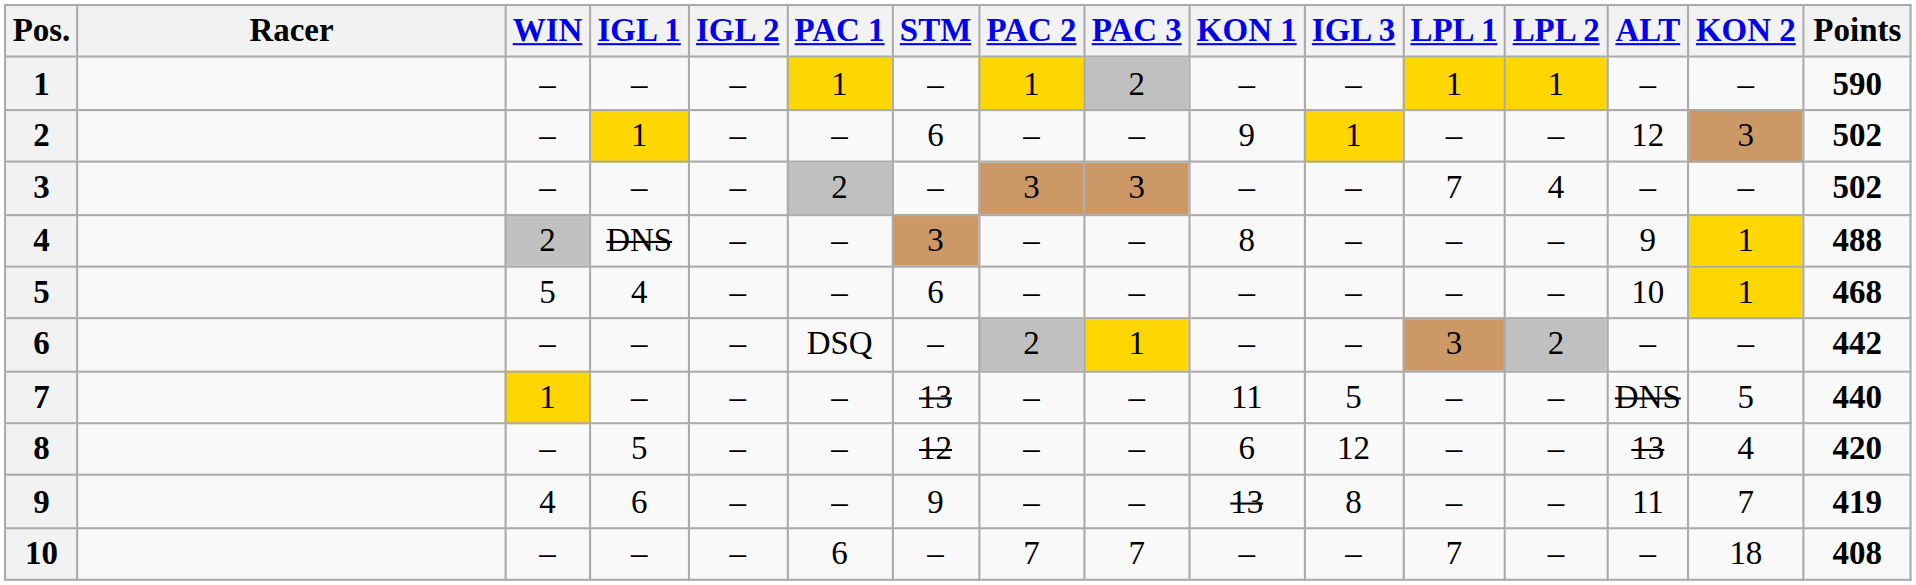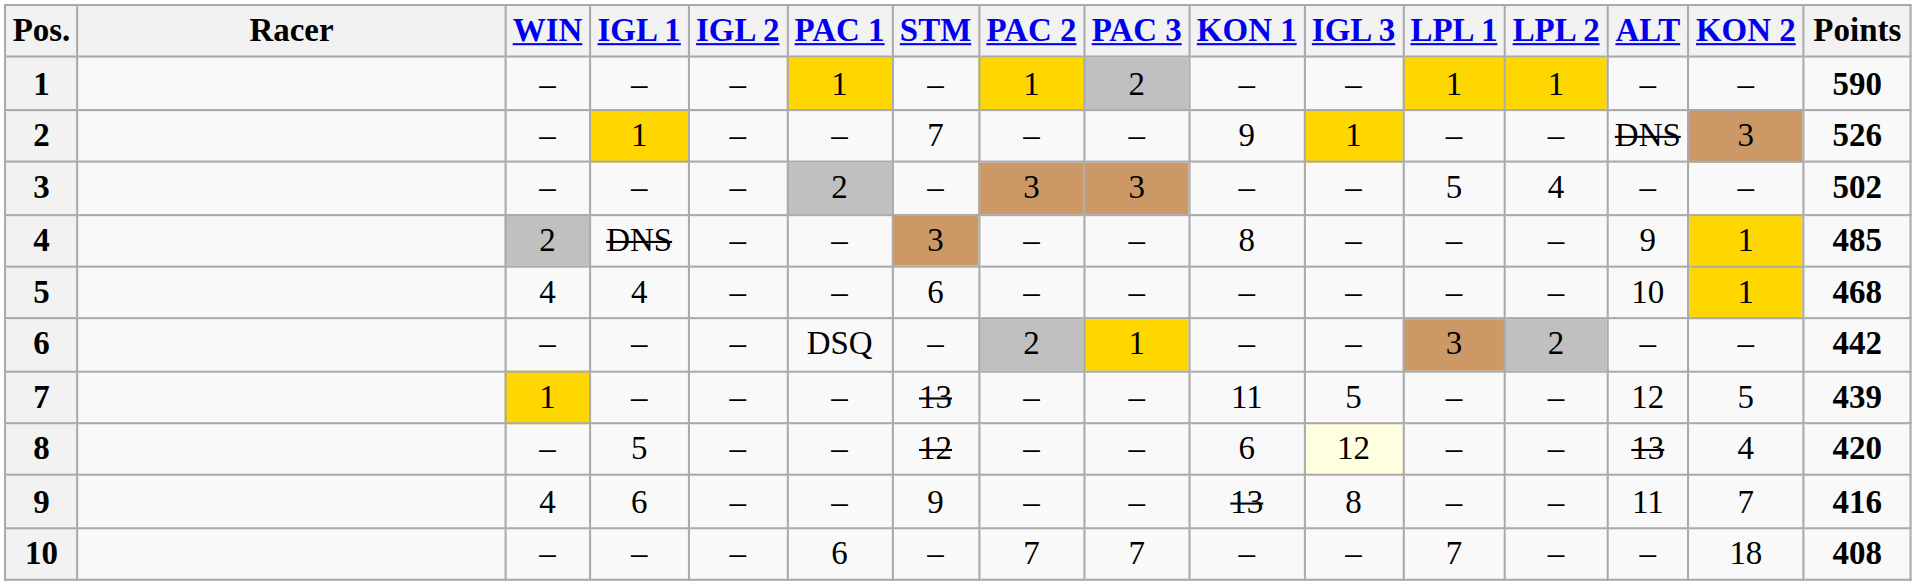 <table class="wikitable sortable plainrowheaders" style="text-align:center;">
 <tr>
 <th scope="col">Pos.</th>
 <th scope="col" style="width:200px;">Racer</th>
 <th scope="col"><strong> <a href='#'>WIN</a></strong></th>
 <th scope="col"><strong> <a href='#'>IGL 1</a></strong></th>
 <th scope="col"><strong> <a href='#'>IGL 2</a></strong></th>
 <th scope="col"><strong> <a href='#'>PAC 1</a></strong></th>
 <th scope="col"><strong> <a href='#'>STM</a></strong></th>
 <th scope="col"><strong> <a href='#'>PAC 2</a></strong></th>
 <th scope="col"><strong> <a href='#'>PAC 3</a></strong></th>
 <th scope="col"><strong> <a href='#'>KON 1</a></strong></th>
 <th scope="col"><strong> <a href='#'>IGL 3</a></strong></th>
 <th scope="col"><strong> <a href='#'>LPL 1</a></strong></th>
 <th scope="col"><strong> <a href='#'>LPL 2</a></strong></th>
 <th scope="col"><strong> <a href='#'>ALT</a></strong></th>
 <th scope="col"><strong> <a href='#'>KON 2</a></strong></th>
 <th style="width:45px;">Points</th>
 </tr>
 <tr>
 <th style="text-align:center;">1</th>
 <td align="left"></td>
 <td>–</td>
 <td>–</td>
 <td>–</td>
 <td style="background:gold;">1</td>
 <td>–</td>
 <td style="background:gold;">1</td>
 <td style="background:silver;">2</td>
 <td>–</td>
 <td>–</td>
 <td style="background:gold;">1</td>
 <td style="background:gold;">1</td>
 <td>–</td>
 <td>–</td>
 <td><strong>590</strong></td>
 </tr>
 <tr>
 <th style="text-align:center;">2</th>
 <td align="left"></td>
 <td>–</td>
 <td style="background:gold;">1</td>
 <td>–</td>
 <td>–</td>
-<td>6</td>
+<td>7</td>
 <td>–</td>
 <td>–</td>
 <td>9</td>
 <td style="background:gold;">1</td>
 <td>–</td>
 <td>–</td>
-<td>12</td>
+<td><s>DNS</s></td>
 <td style="background:#c96;">3</td>
-<td><strong>502</strong></td>
+<td><strong>526</strong></td>
 </tr>
 <tr>
 <th style="text-align:center;">3</th>
 <td align="left"></td>
 <td>–</td>
 <td>–</td>
 <td>–</td>
 <td style="background:silver;">2</td>
 <td>–</td>
 <td style="background:#c96;">3</td>
 <td style="background:#c96;">3</td>
 <td>–</td>
 <td>–</td>
-<td>7</td>
+<td>5</td>
 <td>4</td>
 <td>–</td>
 <td>–</td>
 <td><strong>502</strong></td>
 </tr>
 <tr>
 <th style="text-align:center;">4</th>
 <td align="left"></td>
 <td style="background:silver;">2</td>
 <td><s>DNS</s></td>
 <td>–</td>
 <td>–</td>
 <td style="background:#c96;">3</td>
 <td>–</td>
 <td>–</td>
 <td>8</td>
 <td>–</td>
 <td>–</td>
 <td>–</td>
 <td>9</td>
 <td style="background:gold;">1</td>
-<td><strong>488</strong></td>
+<td><strong>485</strong></td>
 </tr>
 <tr>
 <th style="text-align:center;">5</th>
 <td align="left"></td>
-<td>5</td>
+<td>4</td>
 <td>4</td>
 <td>–</td>
 <td>–</td>
 <td>6</td>
 <td>–</td>
 <td>–</td>
 <td>–</td>
 <td>–</td>
 <td>–</td>
 <td>–</td>
 <td>10</td>
 <td style="background:gold;">1</td>
 <td><strong>468</strong></td>
 </tr>
 <tr>
 <th style="text-align:center;">6</th>
 <td align="left"></td>
 <td>–</td>
 <td>–</td>
 <td>–</td>
 <td>DSQ</td>
 <td>–</td>
 <td style="background:silver;">2</td>
 <td style="background:gold;">1</td>
 <td>–</td>
 <td>–</td>
 <td style="background:#c96;">3</td>
 <td style="background:silver;">2</td>
 <td>–</td>
 <td>–</td>
 <td><strong>442</strong></td>
 </tr>
 <tr>
 <th style="text-align:center;">7</th>
 <td align="left"></td>
 <td style="background:gold;">1</td>
 <td>–</td>
 <td>–</td>
 <td>–</td>
 <td><s>13</s></td>
 <td>–</td>
 <td>–</td>
 <td>11</td>
 <td>5</td>
 <td>–</td>
 <td>–</td>
-<td><s>DNS</s></td>
+<td>12</td>
 <td>5</td>
-<td><strong>440</strong></td>
+<td><strong>439</strong></td>
 </tr>
 <tr>
 <th style="text-align:center;">8</th>
 <td align="left"></td>
 <td>–</td>
 <td>5</td>
 <td>–</td>
 <td>–</td>
 <td><s>12</s></td>
 <td>–</td>
 <td>–</td>
 <td>6</td>
-<td>12</td>
+<td style="background: lightyellow;">12</td>
 <td>–</td>
 <td>–</td>
 <td><s>13</s></td>
 <td>4</td>
 <td><strong>420</strong></td>
 </tr>
 <tr>
 <th style="text-align:center;">9</th>
 <td align="left"></td>
 <td>4</td>
 <td>6</td>
 <td>–</td>
 <td>–</td>
 <td>9</td>
 <td>–</td>
 <td>–</td>
 <td><s>13</s></td>
 <td>8</td>
 <td>–</td>
 <td>–</td>
 <td>11</td>
 <td>7</td>
-<td><strong>419</strong></td>
+<td><strong>416</strong></td>
 </tr>
 <tr>
 <th style="text-align:center;">10</th>
 <td align="left"></td>
 <td>–</td>
 <td>–</td>
 <td>–</td>
 <td>6</td>
 <td>–</td>
 <td>7</td>
 <td>7</td>
 <td>–</td>
 <td>–</td>
 <td>7</td>
 <td>–</td>
 <td>–</td>
 <td>18</td>
 <td><strong>408</strong></td>
 </tr>
 </table>
